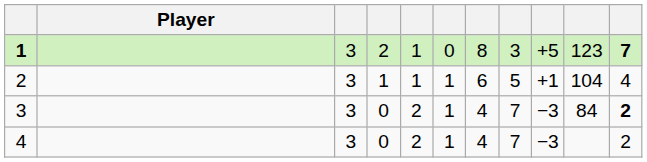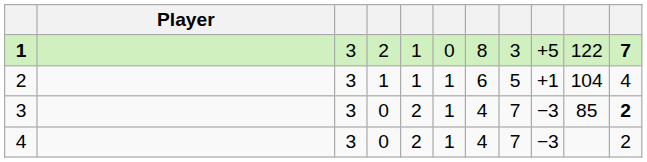 <table class="wikitable" style="text-align:center; margin: 1em auto 1em auto, align:left">
 <tr>
 <th width=20></th>
 <th width=240>Player</th>
 <th width=20></th>
 <th width=20></th>
 <th width=20></th>
 <th width=20></th>
 <th width=20></th>
 <th width=20></th>
 <th width=20></th>
 <th width=30></th>
 <th width=20></th>
 </tr>
 <tr style="background:#D0F0C0;">
 <td><strong>1</strong></td>
 <td align=left></td>
 <td>3</td>
 <td>2</td>
 <td>1</td>
 <td>0</td>
 <td>8</td>
 <td>3</td>
 <td>+5</td>
-<td>123</td>
+<td>122</td>
 <td><strong>7</strong></td>
 </tr>
 <tr style=>
 <td>2</td>
 <td align=left></td>
 <td>3</td>
 <td>1</td>
 <td>1</td>
 <td>1</td>
 <td>6</td>
 <td>5</td>
 <td>+1</td>
 <td>104</td>
 <td>4</td>
 </tr>
 <tr style=>
 <td>3</td>
 <td align=left></td>
 <td>3</td>
 <td>0</td>
 <td>2</td>
 <td>1</td>
 <td>4</td>
 <td>7</td>
 <td>−3</td>
-<td>84</td>
+<td>85</td>
 <td><strong>2</strong></td>
 </tr>
 <tr style=>
 <td>4</td>
 <td align=left></td>
 <td>3</td>
 <td>0</td>
 <td>2</td>
 <td>1</td>
 <td>4</td>
 <td>7</td>
 <td>−3</td>
 <td></td>
 <td>2</td>
 </tr>
 </table>
